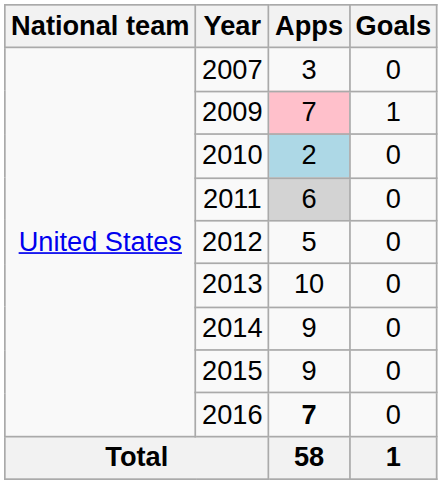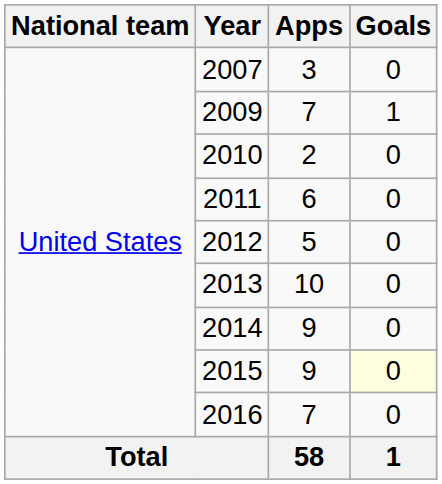 <table class="wikitable" style="text-align:center">
 <tr>
 <th>National team</th>
 <th>Year</th>
 <th>Apps</th>
 <th>Goals</th>
 </tr>
 <tr>
 <td rowspan="9"><a href='#'>United States</a></td>
 <td>2007</td>
 <td>3</td>
 <td>0</td>
 </tr>
 <tr>
 <td>2009</td>
-<td style="background: pink;">7</td>
+<td>7</td>
 <td>1</td>
 </tr>
 <tr>
 <td>2010</td>
-<td style="background: lightblue;">2</td>
+<td>2</td>
 <td>0</td>
 </tr>
 <tr>
 <td>2011</td>
-<td style="background: lightgrey;">6</td>
+<td>6</td>
 <td>0</td>
 </tr>
 <tr>
 <td>2012</td>
 <td>5</td>
 <td>0</td>
 </tr>
 <tr>
 <td>2013</td>
 <td>10</td>
 <td>0</td>
 </tr>
 <tr>
 <td>2014</td>
 <td>9</td>
 <td>0</td>
 </tr>
 <tr>
 <td>2015</td>
 <td>9</td>
-<td>0</td>
+<td style="background: lightyellow;">0</td>
 </tr>
 <tr>
 <td>2016</td>
-<td><strong>7</strong></td>
+<td>7</td>
 <td>0</td>
 </tr>
 <tr>
 <th colspan="2">Total</th>
 <th>58</th>
 <th>1</th>
 </tr>
 </table>
